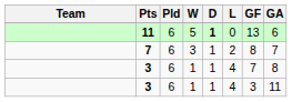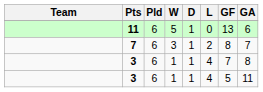 <table class="wikitable" style="text-align: center;">
 <tr>
 <th width=175>Team</th>
 <th width=20 abbr="Points">Pts</th>
 <th width=20 abbr="Played">Pld</th>
 <th width=20 abbr="Won">W</th>
 <th width=20 abbr="Drawn">D</th>
 <th width=20 abbr="Lost">L</th>
 <th width=20 abbr="Goals for">GF</th>
 <th width=20 abbr="Goals against">GA</th>
 </tr>
 <tr style="background:#ffffff;">
 </tr>
 <tr align=center bgcolor=ccffcc>
 <td style="text-align:left;"></td>
 <td><strong>11</strong></td>
 <td>6</td>
 <td>5</td>
-<td><strong>1</strong></td>
+<td>1</td>
 <td>0</td>
 <td>13</td>
 <td>6</td>
 </tr>
 <tr align=center>
 <td style="text-align:left;"></td>
 <td><strong>7</strong></td>
 <td>6</td>
 <td>3</td>
 <td>1</td>
 <td>2</td>
 <td>8</td>
 <td>7</td>
 </tr>
 <tr align=center>
 <td style="text-align:left;"></td>
 <td><strong>3</strong></td>
 <td>6</td>
 <td>1</td>
 <td>1</td>
 <td>4</td>
 <td>7</td>
 <td>8</td>
 </tr>
 <tr align=center>
 <td style="text-align:left;"></td>
 <td><strong>3</strong></td>
 <td>6</td>
 <td>1</td>
 <td>1</td>
 <td>4</td>
-<td>3</td>
+<td>5</td>
 <td>11</td>
 </tr>
 </table>
